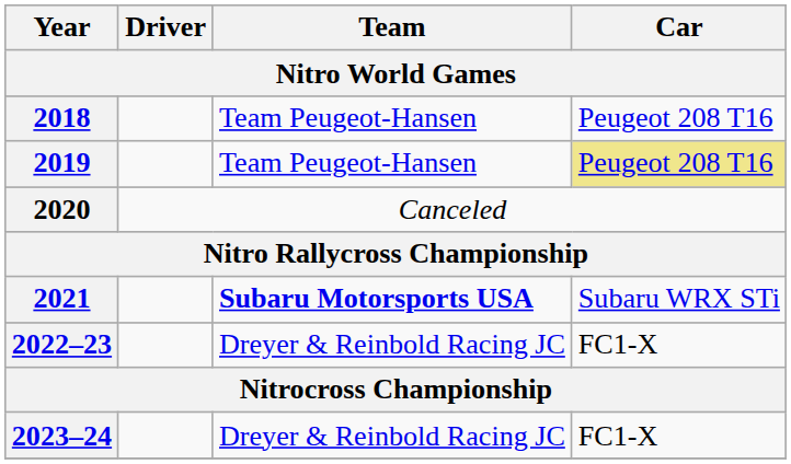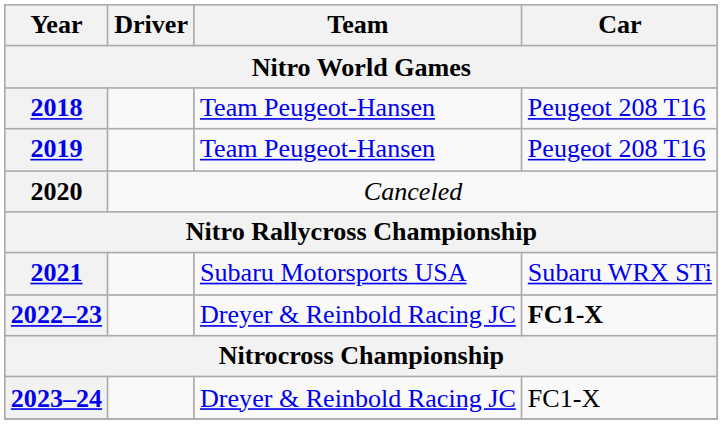 <table class="wikitable">
 <tr>
 <th>Year</th>
 <th>Driver</th>
 <th>Team</th>
 <th>Car</th>
 </tr>
 <tr>
 <th colspan=4>Nitro World Games</th>
 </tr>
 <tr>
 <th><a href='#'>2018</a></th>
 <td></td>
 <td><a href='#'>Team Peugeot-Hansen</a></td>
 <td><a href='#'>Peugeot 208 T16</a></td>
 </tr>
 <tr>
 <th><a href='#'>2019</a></th>
 <td></td>
 <td><a href='#'>Team Peugeot-Hansen</a></td>
-<td style="background: khaki;"><a href='#'>Peugeot 208 T16</a></td>
+<td><a href='#'>Peugeot 208 T16</a></td>
 </tr>
 <tr>
 <th>2020</th>
 <td colspan=3 align=center><em>Canceled</em></td>
 </tr>
 <tr>
 <th colspan=4>Nitro Rallycross Championship</th>
 </tr>
 <tr>
 <th><a href='#'>2021</a></th>
 <td></td>
-<td><strong><a href='#'>Subaru Motorsports USA</a></strong></td>
+<td><a href='#'>Subaru Motorsports USA</a></td>
 <td><a href='#'>Subaru WRX STi</a></td>
 </tr>
 <tr>
 <th><a href='#'>2022–23</a></th>
 <td></td>
 <td><a href='#'>Dreyer & Reinbold Racing JC</a></td>
-<td>FC1-X</td>
+<td><strong>FC1-X</strong></td>
 </tr>
 <tr>
 <th colspan=4>Nitrocross Championship</th>
 </tr>
 <tr>
 <th><a href='#'>2023–24</a></th>
 <td></td>
 <td><a href='#'>Dreyer & Reinbold Racing JC</a></td>
 <td>FC1-X</td>
 </tr>
 <tr>
 </tr>
 </table>
